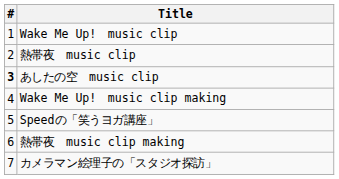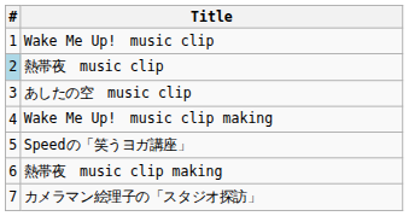 <table class="wikitable">
 <tr>
 <th>#</th>
 <th width="350">Title</th>
 </tr>
 <tr>
 <td>1</td>
 <td>Wake Me Up!　music clip</td>
 </tr>
 <tr>
-<td>2</td>
+<td style="background: lightblue;">2</td>
 <td>熱帯夜　music clip</td>
 </tr>
 <tr>
-<td><strong>3</strong></td>
+<td>3</td>
 <td>あしたの空　music clip</td>
 </tr>
 <tr>
 <td>4</td>
 <td>Wake Me Up!　music clip making</td>
 </tr>
 <tr>
 <td>5</td>
 <td>Speedの「笑うヨガ講座」</td>
 </tr>
 <tr>
 <td>6</td>
 <td>熱帯夜　music clip making</td>
 </tr>
 <tr>
 <td>7</td>
 <td>カメラマン絵理子の「スタジオ探訪」</td>
 </tr>
 </table>
